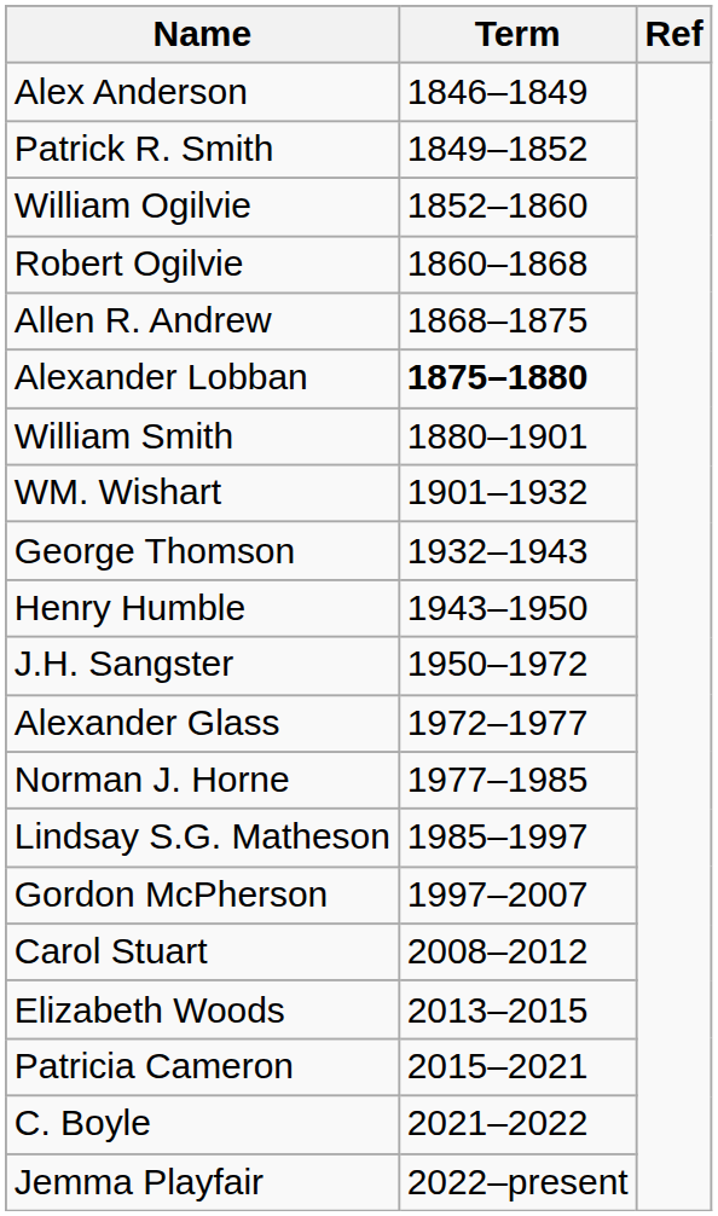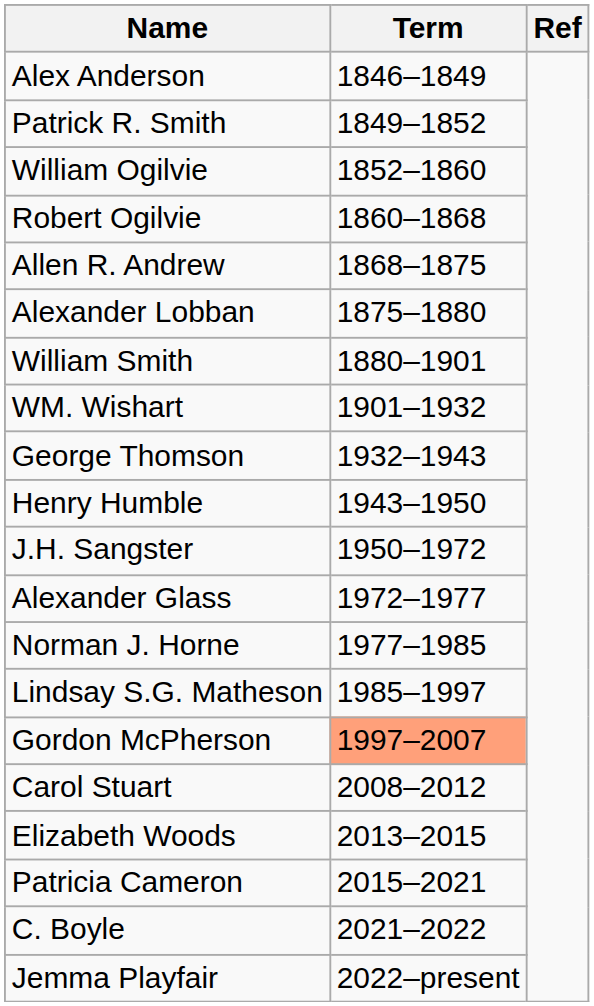 <table class="wikitable">
 <tr>
 <th>Name</th>
 <th>Term</th>
 <th>Ref</th>
 </tr>
 <tr>
 <td>Alex Anderson</td>
 <td>1846–1849</td>
 <td rowspan="20"></td>
 </tr>
 <tr>
 <td>Patrick R. Smith</td>
 <td>1849–1852</td>
 </tr>
 <tr>
 <td>William Ogilvie</td>
 <td>1852–1860</td>
 </tr>
 <tr>
 <td>Robert Ogilvie</td>
 <td>1860–1868</td>
 </tr>
 <tr>
 <td>Allen R. Andrew</td>
 <td>1868–1875</td>
 </tr>
 <tr>
 <td>Alexander Lobban</td>
-<td><strong>1875–1880</strong></td>
+<td>1875–1880</td>
 </tr>
 <tr>
 <td>William Smith</td>
 <td>1880–1901</td>
 </tr>
 <tr>
 <td>WM. Wishart</td>
 <td>1901–1932</td>
 </tr>
 <tr>
 <td>George Thomson</td>
 <td>1932–1943</td>
 </tr>
 <tr>
 <td>Henry Humble</td>
 <td>1943–1950</td>
 </tr>
 <tr>
 <td>J.H. Sangster</td>
 <td>1950–1972</td>
 </tr>
 <tr>
 <td>Alexander Glass</td>
 <td>1972–1977</td>
 </tr>
 <tr>
 <td>Norman J. Horne</td>
 <td>1977–1985</td>
 </tr>
 <tr>
 <td>Lindsay S.G. Matheson</td>
 <td>1985–1997</td>
 </tr>
 <tr>
 <td>Gordon McPherson</td>
-<td>1997–2007</td>
+<td style="background: lightsalmon;">1997–2007</td>
 </tr>
 <tr>
 <td>Carol Stuart</td>
 <td>2008–2012</td>
 </tr>
 <tr>
 <td>Elizabeth Woods</td>
 <td>2013–2015</td>
 </tr>
 <tr>
 <td>Patricia Cameron</td>
 <td>2015–2021</td>
 </tr>
 <tr>
 <td>C. Boyle</td>
 <td>2021–2022</td>
 </tr>
 <tr>
 <td>Jemma Playfair</td>
 <td>2022–present</td>
 </tr>
 </table>
